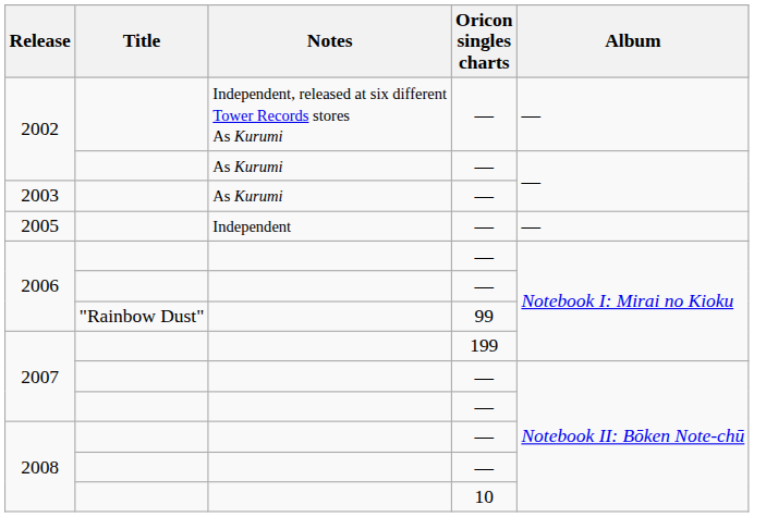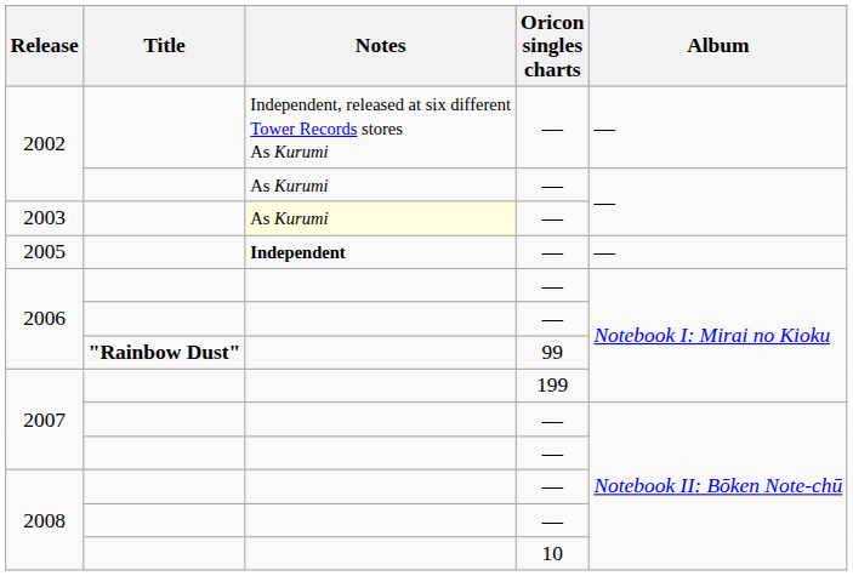 <table class="wikitable" style="text-align:center">
 <tr bgcolor="#CCCCCC">
 <th rowspan="1">Release</th>
 <th rowspan="1">Title</th>
 <th rowspan="1">Notes</th>
 <th colspan="1">Oricon<br>singles<br>charts</th>
 <th rowspan="1">Album</th>
 </tr>
 <tr>
 <td rowspan="2">2002</td>
 <td align="left"></td>
 <td align="left"><small>Independent, released at six different<br><a href='#'>Tower Records</a> stores <br>As <em>Kurumi</em></small></td>
 <td>—</td>
 <td align="left" rowspan="1">—</td>
 </tr>
 <tr>
 <td align="left"></td>
 <td align="left"><small>As <em>Kurumi</em></small></td>
 <td>—</td>
 <td align="left" rowspan="2">—</td>
 </tr>
 <tr>
 <td rowspan="1">2003</td>
 <td align="left"></td>
-<td align="left"><small>As <em>Kurumi</em></small></td>
+<td align="left" style="background: lightyellow;"><small>As <em>Kurumi</em></small></td>
 <td>—</td>
 </tr>
 <tr>
 <td rowspan="1">2005</td>
 <td align="left"></td>
-<td align="left"><small>Independent</small></td>
+<td align="left"><strong><small>Independent</small></strong></td>
 <td>—</td>
 <td align="left" rowspan="1">—</td>
 </tr>
 <tr>
 <td rowspan="3">2006</td>
 <td align="left"></td>
 <td align="left"></td>
 <td>—</td>
 <td align="left" rowspan="4"><em><a href='#'>Notebook I: Mirai no Kioku</a></em></td>
 </tr>
 <tr>
 <td align="left"></td>
 <td align="left"></td>
 <td>—</td>
 </tr>
 <tr>
-<td align="left">"Rainbow Dust"</td>
+<td align="left"><strong>"Rainbow Dust"</strong></td>
 <td align="left"></td>
 <td>99</td>
 </tr>
 <tr>
 <td rowspan="3">2007</td>
 <td align="left"></td>
 <td align="left"></td>
 <td>199</td>
 </tr>
 <tr>
 <td align="left"></td>
 <td align="left"></td>
 <td>—</td>
 <td align="left" rowspan="5"><em><a href='#'>Notebook II: Bōken Note-chū</a></em></td>
 </tr>
 <tr>
 <td align="left"></td>
 <td align="left"></td>
 <td>—</td>
 </tr>
 <tr>
 <td rowspan="3">2008</td>
 <td align="left"></td>
 <td align="left"></td>
 <td>—</td>
 </tr>
 <tr>
 <td align="left"></td>
 <td align="left"></td>
 <td>—</td>
 </tr>
 <tr>
 <td align="left"></td>
 <td align="left"></td>
 <td>10</td>
 </tr>
 </table>
